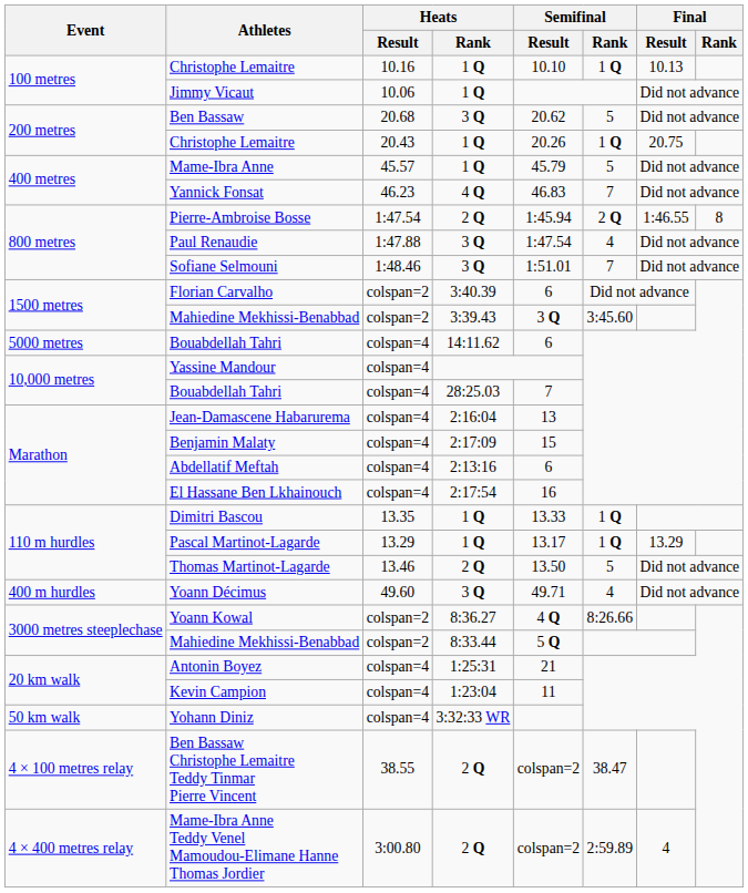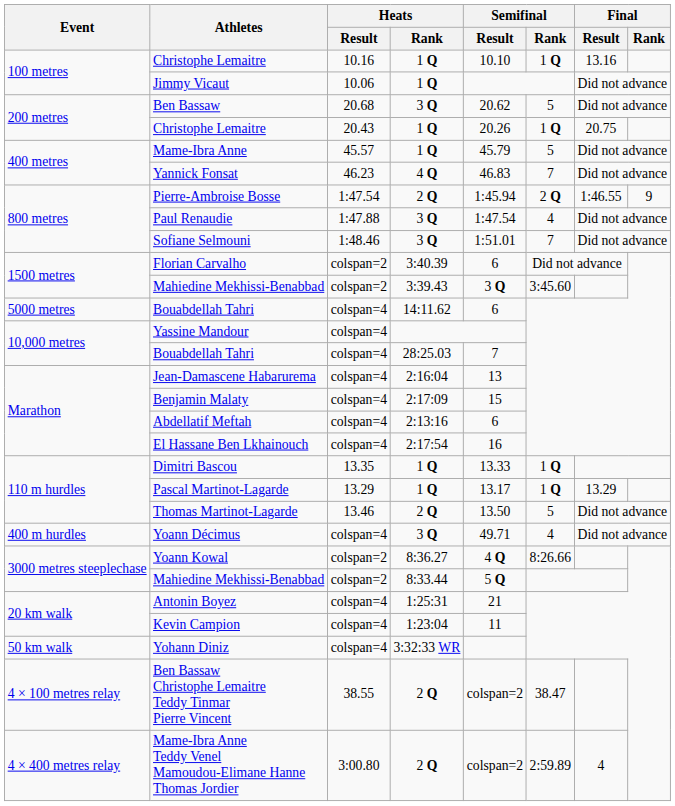 <table class="wikitable" border="1" style="font-size:90%">
 <tr>
 <th rowspan="2">Event</th>
 <th rowspan="2">Athletes</th>
 <th colspan="2">Heats</th>
 <th colspan="2">Semifinal</th>
 <th colspan="2">Final</th>
 </tr>
 <tr>
 <th>Result</th>
 <th>Rank</th>
 <th>Result</th>
 <th>Rank</th>
 <th>Result</th>
 <th>Rank</th>
 </tr>
 <tr>
 <td rowspan=2><a href='#'>100 metres</a></td>
 <td><a href='#'>Christophe Lemaitre</a></td>
 <td align=center>10.16</td>
 <td align=center>1 <strong>Q</strong></td>
 <td align=center>10.10</td>
 <td align=center>1 <strong>Q</strong></td>
-<td align=center>10.13</td>
+<td align=center>13.16</td>
 <td align=center></td>
 </tr>
 <tr>
 <td><a href='#'>Jimmy Vicaut</a></td>
 <td align=center>10.06</td>
 <td align=center>1 <strong>Q</strong></td>
 <td colspan=2 align=center></td>
 <td colspan=2 align=center>Did not advance</td>
 </tr>
 <tr>
 <td rowspan=2><a href='#'>200 metres</a></td>
 <td><a href='#'>Ben Bassaw</a></td>
 <td align=center>20.68</td>
 <td align=center>3 <strong>Q</strong></td>
 <td align=center>20.62</td>
 <td align=center>5</td>
 <td colspan=2 align=center>Did not advance</td>
 </tr>
 <tr>
 <td><a href='#'>Christophe Lemaitre</a></td>
 <td align=center>20.43</td>
 <td align=center>1 <strong>Q</strong></td>
 <td align=center>20.26</td>
 <td align=center>1 <strong>Q</strong></td>
 <td align=center>20.75</td>
 <td align=center></td>
 </tr>
 <tr>
 <td rowspan=2><a href='#'>400 metres</a></td>
 <td><a href='#'>Mame-Ibra Anne</a></td>
 <td align=center>45.57</td>
 <td align=center>1 <strong>Q</strong></td>
 <td align=center>45.79</td>
 <td align=center>5</td>
 <td colspan=2 align=center>Did not advance</td>
 </tr>
 <tr>
 <td><a href='#'>Yannick Fonsat</a></td>
 <td align=center>46.23</td>
 <td align=center>4 <strong>Q</strong></td>
 <td align=center>46.83</td>
 <td align=center>7</td>
 <td colspan=2 align=center>Did not advance</td>
 </tr>
 <tr>
 <td rowspan=3><a href='#'>800 metres</a></td>
 <td><a href='#'>Pierre-Ambroise Bosse</a></td>
 <td align=center>1:47.54</td>
 <td align=center>2 <strong>Q</strong></td>
 <td align=center>1:45.94</td>
 <td align=center>2 <strong>Q</strong></td>
 <td align=center>1:46.55</td>
-<td align=center>8</td>
+<td align=center>9</td>
 </tr>
 <tr>
 <td><a href='#'>Paul Renaudie</a></td>
 <td align=center>1:47.88</td>
 <td align=center>3 <strong>Q</strong></td>
 <td align=center>1:47.54</td>
 <td align=center>4</td>
 <td colspan=2 align=center>Did not advance</td>
 </tr>
 <tr>
 <td><a href='#'>Sofiane Selmouni</a></td>
 <td align=center>1:48.46</td>
 <td align=center>3 <strong>Q</strong></td>
 <td align=center>1:51.01</td>
 <td align=center>7</td>
 <td colspan=2 align=center>Did not advance</td>
 </tr>
 <tr>
 <td rowspan=2><a href='#'>1500 metres</a></td>
 <td><a href='#'>Florian Carvalho</a></td>
 <td>colspan=2 </td>
 <td align=center>3:40.39</td>
 <td align=center>6</td>
 <td colspan=2 align=center>Did not advance</td>
 </tr>
 <tr>
 <td><a href='#'>Mahiedine Mekhissi-Benabbad</a></td>
 <td>colspan=2 </td>
 <td align=center>3:39.43</td>
 <td align=center>3 <strong>Q</strong></td>
 <td align=center>3:45.60</td>
 <td align=center></td>
 </tr>
 <tr>
 <td rowspan=1><a href='#'>5000 metres</a></td>
 <td><a href='#'>Bouabdellah Tahri</a></td>
 <td>colspan=4 </td>
 <td align=center>14:11.62</td>
 <td align=center>6</td>
 </tr>
 <tr>
 <td rowspan=2><a href='#'>10,000 metres</a></td>
 <td><a href='#'>Yassine Mandour</a></td>
 <td>colspan=4 </td>
 <td colspan=2 align=center></td>
 </tr>
 <tr>
 <td><a href='#'>Bouabdellah Tahri</a></td>
 <td>colspan=4 </td>
 <td align=center>28:25.03</td>
 <td align=center>7</td>
 </tr>
 <tr>
 <td rowspan=4><a href='#'>Marathon</a></td>
 <td><a href='#'>Jean-Damascene Habarurema</a></td>
 <td>colspan=4 </td>
 <td align=center>2:16:04</td>
 <td align=center>13</td>
 </tr>
 <tr>
 <td><a href='#'>Benjamin Malaty</a></td>
 <td>colspan=4 </td>
 <td align=center>2:17:09</td>
 <td align=center>15</td>
 </tr>
 <tr>
 <td><a href='#'>Abdellatif Meftah</a></td>
 <td>colspan=4 </td>
 <td align=center>2:13:16</td>
 <td align=center>6</td>
 </tr>
 <tr>
 <td><a href='#'>El Hassane Ben Lkhainouch</a></td>
 <td>colspan=4 </td>
 <td align=center>2:17:54</td>
 <td align=center>16</td>
 </tr>
 <tr>
 <td rowspan=3><a href='#'>110 m hurdles</a></td>
 <td><a href='#'>Dimitri Bascou</a></td>
 <td align=center>13.35</td>
 <td align=center>1 <strong>Q</strong></td>
 <td align=center>13.33</td>
 <td align=center>1 <strong>Q</strong></td>
 <td colspan=2 align=center></td>
 </tr>
 <tr>
 <td><a href='#'>Pascal Martinot-Lagarde</a></td>
 <td align=center>13.29</td>
 <td align=center>1 <strong>Q</strong></td>
 <td align=center>13.17</td>
 <td align=center>1 <strong>Q</strong></td>
 <td align=center>13.29</td>
 <td align=center></td>
 </tr>
 <tr>
 <td><a href='#'>Thomas Martinot-Lagarde</a></td>
 <td align=center>13.46</td>
 <td align=center>2 <strong>Q</strong></td>
 <td align=center>13.50</td>
 <td align=center>5</td>
 <td colspan=2 align=center>Did not advance</td>
 </tr>
 <tr>
 <td rowspan=1><a href='#'>400 m hurdles</a></td>
 <td><a href='#'>Yoann Décimus</a></td>
-<td align=center>49.60</td>
+<td>colspan=4 </td>
 <td align=center>3 <strong>Q</strong></td>
 <td align=center>49.71</td>
 <td align=center>4</td>
 <td colspan=2 align=center>Did not advance</td>
 </tr>
 <tr>
 <td rowspan=2><a href='#'>3000 metres steeplechase</a></td>
 <td><a href='#'>Yoann Kowal</a></td>
 <td>colspan=2 </td>
 <td align=center>8:36.27</td>
 <td align=center>4 <strong>Q</strong></td>
 <td align=center>8:26.66</td>
 <td align=center></td>
 </tr>
 <tr>
 <td><a href='#'>Mahiedine Mekhissi-Benabbad</a></td>
 <td>colspan=2 </td>
 <td align=center>8:33.44</td>
 <td align=center>5 <strong>Q</strong></td>
 <td colspan=2 align=center></td>
 </tr>
 <tr>
 <td rowspan=2><a href='#'>20 km walk</a></td>
 <td><a href='#'>Antonin Boyez</a></td>
 <td>colspan=4 </td>
 <td align=center>1:25:31</td>
 <td align=center>21</td>
 </tr>
 <tr>
 <td><a href='#'>Kevin Campion</a></td>
 <td>colspan=4 </td>
 <td align=center>1:23:04</td>
 <td align=center>11</td>
 </tr>
 <tr>
 <td rowspan=1><a href='#'>50 km walk</a></td>
 <td><a href='#'>Yohann Diniz</a></td>
 <td>colspan=4 </td>
 <td align=center>3:32:33 <a href='#'>WR</a></td>
 <td align=center></td>
 </tr>
 <tr>
 <td><a href='#'>4 × 100 metres relay</a></td>
 <td><a href='#'>Ben Bassaw</a><br><a href='#'>Christophe Lemaitre</a><br><a href='#'>Teddy Tinmar</a><br><a href='#'>Pierre Vincent</a></td>
 <td align=center>38.55</td>
 <td align=center>2 <strong>Q</strong></td>
 <td>colspan=2 </td>
 <td align=center>38.47</td>
 <td align=center></td>
 </tr>
 <tr>
 <td><a href='#'>4 × 400 metres relay</a></td>
 <td><a href='#'>Mame-Ibra Anne</a><br><a href='#'>Teddy Venel</a><br><a href='#'>Mamoudou-Elimane Hanne</a><br><a href='#'>Thomas Jordier</a></td>
 <td align=center>3:00.80</td>
 <td align=center>2 <strong>Q</strong></td>
 <td>colspan=2 </td>
 <td align=center>2:59.89</td>
 <td align=center>4</td>
 </tr>
 </table>
